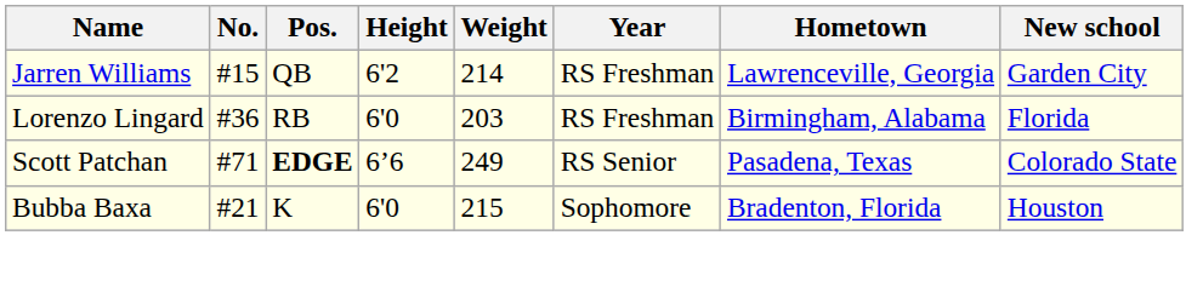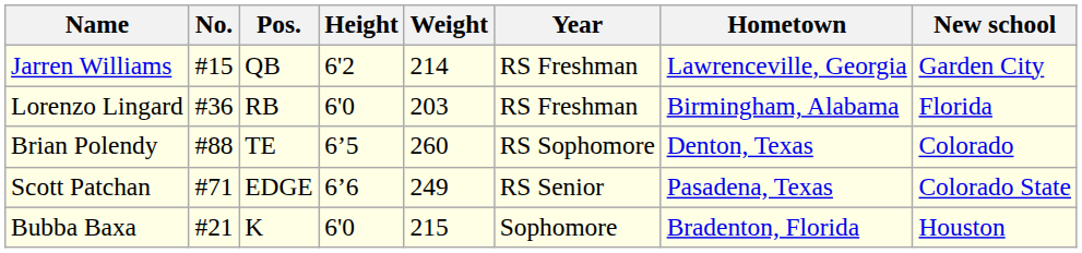 <table class="wikitable sortable">
 <tr>
 <th>Name</th>
 <th>No.</th>
 <th>Pos.</th>
 <th>Height</th>
 <th>Weight</th>
 <th>Year</th>
 <th>Hometown</th>
 <th class="unsortable">New school</th>
 </tr>
 <tr style="background:#FFFFE6;">
 <td><a href='#'>Jarren Williams</a></td>
 <td>#15</td>
 <td>QB</td>
 <td>6'2</td>
 <td>214</td>
 <td>RS Freshman</td>
 <td><a href='#'>Lawrenceville, Georgia</a></td>
 <td><a href='#'>Garden City</a></td>
 </tr>
 <tr style="background:#FFFFE6;">
 <td>Lorenzo Lingard</td>
 <td>#36</td>
 <td>RB</td>
 <td>6'0</td>
 <td>203</td>
 <td>RS Freshman</td>
 <td><a href='#'>Birmingham, Alabama</a></td>
 <td><a href='#'>Florida</a></td>
 </tr>
 <tr style="background:#FFFFE6;">
+<td>Brian Polendy</td>
+<td>#88</td>
+<td>TE</td>
+<td>6’5</td>
+<td>260</td>
+<td>RS Sophomore</td>
+<td><a href='#'>Denton, Texas</a></td>
+<td><a href='#'>Colorado</a></td>
+</tr>
+<tr style="background:#FFFFE6;">
 <td>Scott Patchan</td>
 <td>#71</td>
-<td><strong>EDGE</strong></td>
+<td>EDGE</td>
 <td>6’6</td>
 <td>249</td>
 <td>RS Senior</td>
 <td><a href='#'>Pasadena, Texas</a></td>
 <td><a href='#'>Colorado State</a></td>
 </tr>
 <tr style="background:#FFFFE6;">
 <td>Bubba Baxa</td>
 <td>#21</td>
 <td>K</td>
 <td>6'0</td>
 <td>215</td>
 <td>Sophomore</td>
 <td><a href='#'>Bradenton, Florida</a></td>
 <td><a href='#'>Houston</a></td>
 </tr>
 </table>
